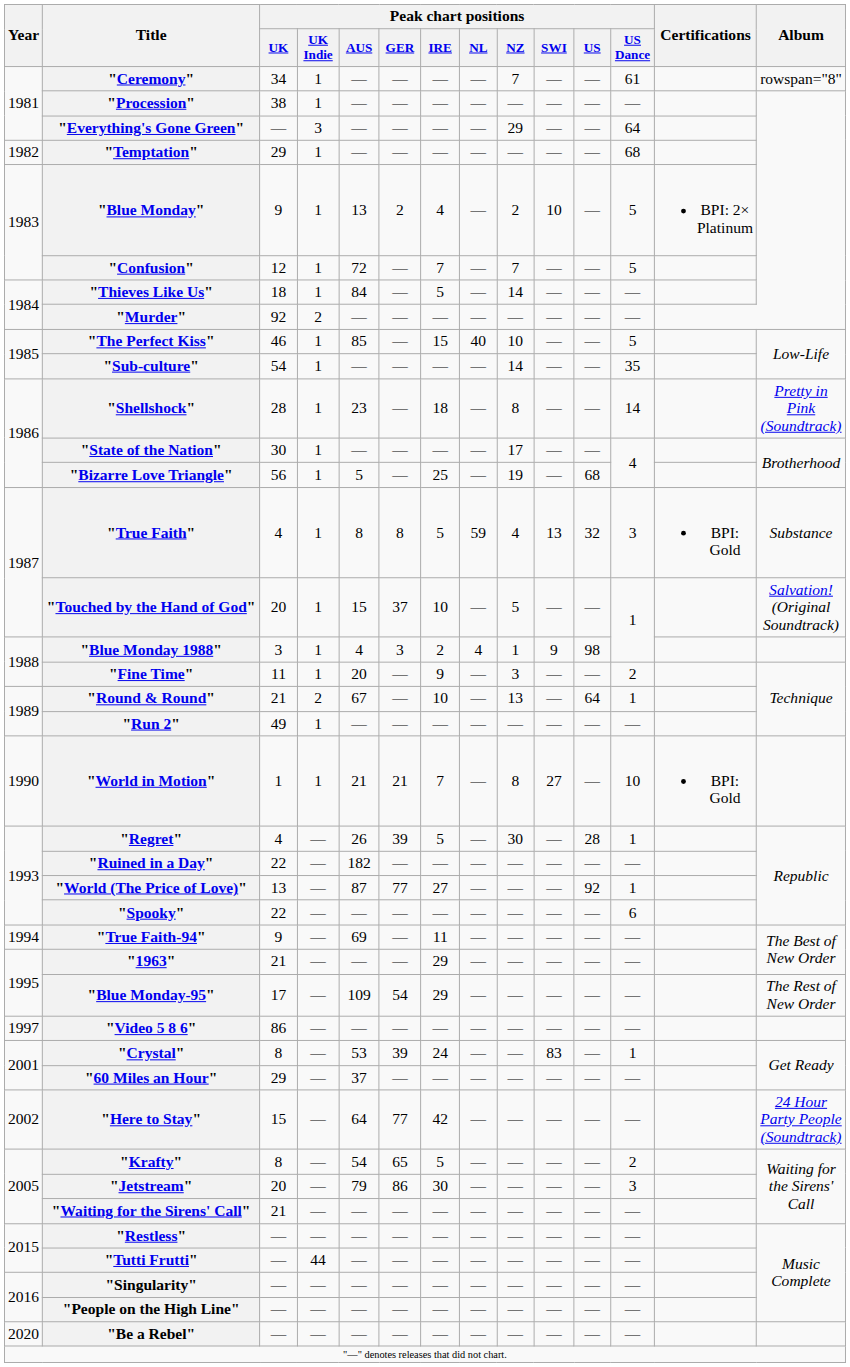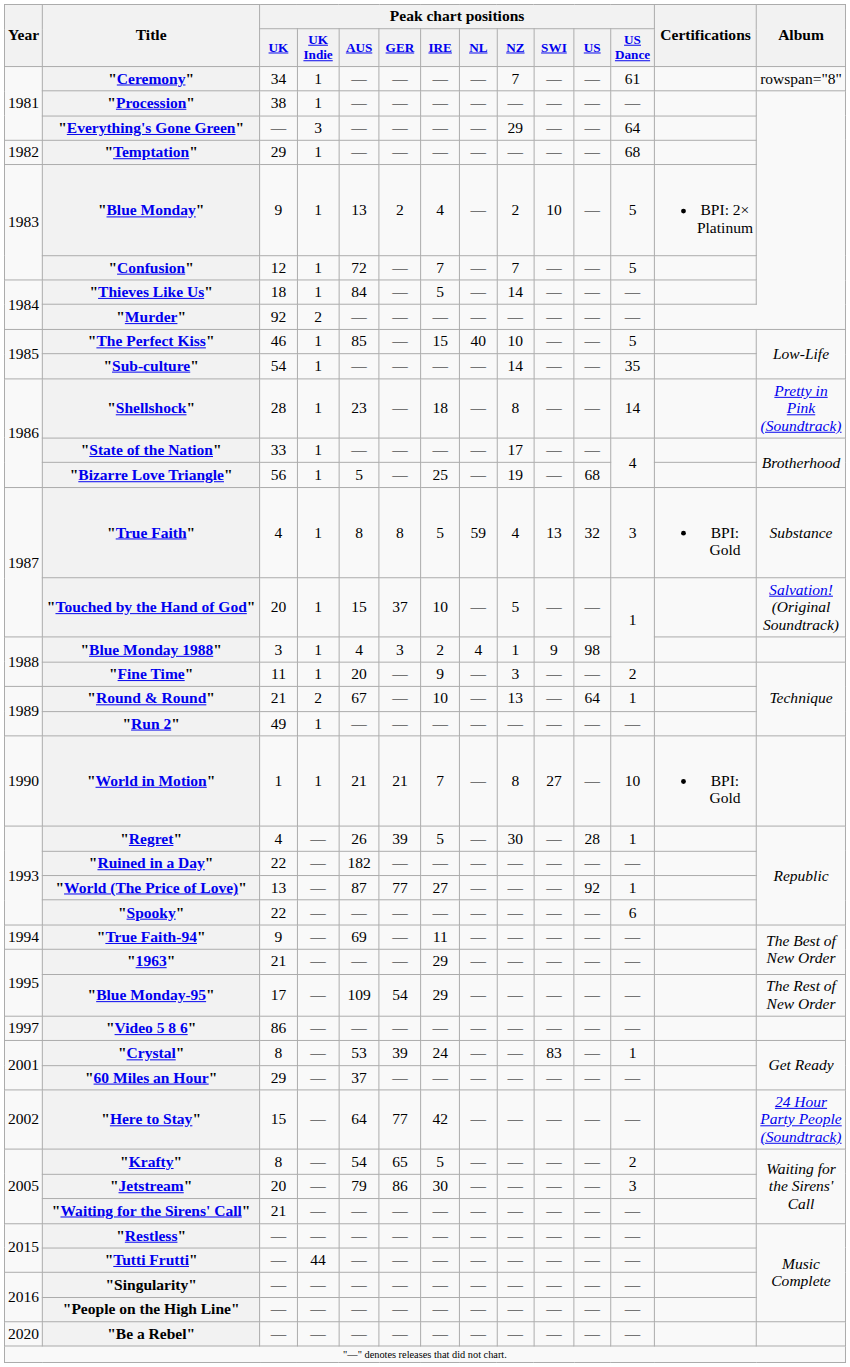 <table class="wikitable plainrowheaders" style=text-align:center;>
 <tr>
 <th scope="col" rowspan="2">Year</th>
 <th scope="col" rowspan="2" width="300">Title</th>
 <th colspan="10" scope="col">Peak chart positions</th>
 <th rowspan="2">Certifications</th>
 <th scope="col" rowspan="2">Album</th>
 </tr>
 <tr>
 <th style="width:3em;font-size:85%;"><a href='#'>UK</a><br></th>
 <th style="width:3em;font-size:85%;"><a href='#'>UK Indie</a><br></th>
 <th style="width:3em;font-size:85%;"><a href='#'>AUS</a><br></th>
 <th style="width:3em;font-size:85%;"><a href='#'>GER</a><br></th>
 <th style="width:3em;font-size:85%;"><a href='#'>IRE</a><br></th>
 <th style="width:3em;font-size:85%;"><a href='#'>NL</a><br></th>
 <th style="width:3em;font-size:85%;"><a href='#'>NZ</a><br></th>
 <th style="width:3em;font-size:85%;"><a href='#'>SWI</a><br></th>
 <th style="width:3em;font-size:85%;"><a href='#'>US</a><br></th>
 <th style="width:3em;font-size:85%;"><a href='#'>US<br>Dance</a><br></th>
 </tr>
 <tr>
 <td rowspan="3">1981</td>
 <th scope="row">"<a href='#'>Ceremony</a>"</th>
 <td>34</td>
 <td>1</td>
 <td>—</td>
 <td>—</td>
 <td>—</td>
 <td>—</td>
 <td>7</td>
 <td>—</td>
 <td>—</td>
 <td>61</td>
 <td></td>
 <td>rowspan="8" </td>
 </tr>
 <tr>
 <th scope="row">"<a href='#'>Procession</a>"</th>
 <td>38</td>
 <td>1</td>
 <td>—</td>
 <td>—</td>
 <td>—</td>
 <td>—</td>
 <td>—</td>
 <td>—</td>
 <td>—</td>
 <td>—</td>
 <td></td>
 </tr>
 <tr>
 <th scope="row">"<a href='#'>Everything's Gone Green</a>"</th>
 <td>—</td>
 <td>3</td>
 <td>—</td>
 <td>—</td>
 <td>—</td>
 <td>—</td>
 <td>29</td>
 <td>—</td>
 <td>—</td>
 <td>64</td>
 <td></td>
 </tr>
 <tr>
 <td>1982</td>
 <th scope="row">"<a href='#'>Temptation</a>"</th>
 <td>29</td>
 <td>1</td>
 <td>—</td>
 <td>—</td>
 <td>—</td>
 <td>—</td>
 <td>—</td>
 <td>—</td>
 <td>—</td>
 <td>68</td>
 <td></td>
 </tr>
 <tr>
 <td rowspan="2">1983</td>
 <th scope="row">"<a href='#'>Blue Monday</a>"</th>
 <td>9</td>
 <td>1</td>
 <td>13</td>
 <td>2</td>
 <td>4</td>
 <td>—</td>
 <td>2</td>
 <td>10</td>
 <td>—</td>
 <td>5</td>
 <td><br><ul><li>BPI: 2× Platinum</li></ul></td>
 </tr>
 <tr>
 <th scope="row">"<a href='#'>Confusion</a>"</th>
 <td>12</td>
 <td>1</td>
 <td>72</td>
 <td>—</td>
 <td>7</td>
 <td>—</td>
 <td>7</td>
 <td>—</td>
 <td>—</td>
 <td>5</td>
 <td></td>
 </tr>
 <tr>
 <td rowspan="2">1984</td>
 <th scope="row">"<a href='#'>Thieves Like Us</a>"</th>
 <td>18</td>
 <td>1</td>
 <td>84</td>
 <td>—</td>
 <td>5</td>
 <td>—</td>
 <td>14</td>
 <td>—</td>
 <td>—</td>
 <td>—</td>
 <td></td>
 </tr>
 <tr>
 <th scope="row">"<a href='#'>Murder</a>"</th>
 <td>92</td>
 <td>2</td>
 <td>—</td>
 <td>—</td>
 <td>—</td>
 <td>—</td>
 <td>—</td>
 <td>—</td>
 <td>—</td>
 <td>—</td>
 </tr>
 <tr>
 <td rowspan="2">1985</td>
 <th scope="row">"<a href='#'>The Perfect Kiss</a>"</th>
 <td>46</td>
 <td>1</td>
 <td>85</td>
 <td>—</td>
 <td>15</td>
 <td>40</td>
 <td>10</td>
 <td>—</td>
 <td>—</td>
 <td>5</td>
 <td></td>
 <td rowspan="2"><em>Low-Life</em></td>
 </tr>
 <tr>
 <th scope="row">"<a href='#'>Sub-culture</a>"</th>
 <td>54</td>
 <td>1</td>
 <td>—</td>
 <td>—</td>
 <td>—</td>
 <td>—</td>
 <td>14</td>
 <td>—</td>
 <td>—</td>
 <td>35</td>
 <td></td>
 </tr>
 <tr>
 <td rowspan="3">1986</td>
 <th scope="row">"<a href='#'>Shellshock</a>"</th>
 <td>28</td>
 <td>1</td>
 <td>23</td>
 <td>—</td>
 <td>18</td>
 <td>—</td>
 <td>8</td>
 <td>—</td>
 <td>—</td>
 <td>14</td>
 <td></td>
 <td><em><a href='#'>Pretty in Pink (Soundtrack)</a></em></td>
 </tr>
 <tr>
 <th scope="row">"<a href='#'>State of the Nation</a>"</th>
-<td>30</td>
+<td>33</td>
 <td>1</td>
 <td>—</td>
 <td>—</td>
 <td>—</td>
 <td>—</td>
 <td>17</td>
 <td>—</td>
 <td>—</td>
 <td rowspan="2">4<br></td>
 <td></td>
 <td rowspan="2"><em>Brotherhood</em></td>
 </tr>
 <tr>
 <th scope="row">"<a href='#'>Bizarre Love Triangle</a>"</th>
 <td>56</td>
 <td>1</td>
 <td>5</td>
 <td>—</td>
 <td>25</td>
 <td>—</td>
 <td>19</td>
 <td>—</td>
 <td>68</td>
 <td></td>
 </tr>
 <tr>
 <td rowspan="2">1987</td>
 <th scope="row">"<a href='#'>True Faith</a>"</th>
 <td>4</td>
 <td>1</td>
 <td>8</td>
 <td>8</td>
 <td>5</td>
 <td>59</td>
 <td>4</td>
 <td>13</td>
 <td>32</td>
 <td>3</td>
 <td><br><ul><li>BPI: Gold</li></ul></td>
 <td><em>Substance</em></td>
 </tr>
 <tr>
 <th scope="row">"<a href='#'>Touched by the Hand of God</a>"</th>
 <td>20</td>
 <td>1</td>
 <td>15</td>
 <td>37</td>
 <td>10</td>
 <td>—</td>
 <td>5</td>
 <td>—</td>
 <td>—</td>
 <td rowspan="2">1<br></td>
 <td></td>
 <td><em><a href='#'>Salvation!</a> (Original Soundtrack)</em></td>
 </tr>
 <tr>
 <td rowspan="2">1988</td>
 <th scope="row">"<a href='#'>Blue Monday 1988</a>"</th>
 <td>3</td>
 <td>1</td>
 <td>4</td>
 <td>3</td>
 <td>2</td>
 <td>4</td>
 <td>1</td>
 <td>9</td>
 <td>98<br></td>
 <td></td>
 <td></td>
 </tr>
 <tr>
 <th scope="row">"<a href='#'>Fine Time</a>"</th>
 <td>11</td>
 <td>1</td>
 <td>20</td>
 <td>—</td>
 <td>9</td>
 <td>—</td>
 <td>3</td>
 <td>—</td>
 <td>—</td>
 <td>2</td>
 <td></td>
 <td rowspan="3"><em>Technique</em></td>
 </tr>
 <tr>
 <td rowspan="2">1989</td>
 <th scope="row">"<a href='#'>Round & Round</a>"</th>
 <td>21</td>
 <td>2</td>
 <td>67</td>
 <td>—</td>
 <td>10</td>
 <td>—</td>
 <td>13</td>
 <td>—</td>
 <td>64</td>
 <td>1</td>
 <td></td>
 </tr>
 <tr>
 <th scope="row">"<a href='#'>Run 2</a>"</th>
 <td>49</td>
 <td>1</td>
 <td>—</td>
 <td>—</td>
 <td>—</td>
 <td>—</td>
 <td>—</td>
 <td>—</td>
 <td>—</td>
 <td>—</td>
 <td></td>
 </tr>
 <tr>
 <td>1990</td>
 <th scope="row">"<a href='#'>World in Motion</a>"</th>
 <td>1</td>
 <td>1</td>
 <td>21</td>
 <td>21</td>
 <td>7</td>
 <td>—</td>
 <td>8</td>
 <td>27</td>
 <td>—</td>
 <td>10</td>
 <td><br><ul><li>BPI: Gold</li></ul></td>
 <td></td>
 </tr>
 <tr>
 <td rowspan="4">1993</td>
 <th scope="row">"<a href='#'>Regret</a>"</th>
 <td>4</td>
 <td>—</td>
 <td>26</td>
 <td>39</td>
 <td>5</td>
 <td>—</td>
 <td>30</td>
 <td>—</td>
 <td>28</td>
 <td>1</td>
 <td></td>
 <td rowspan="4"><em>Republic</em></td>
 </tr>
 <tr>
 <th scope="row">"<a href='#'>Ruined in a Day</a>"</th>
 <td>22</td>
 <td>—</td>
 <td>182</td>
 <td>—</td>
 <td>—</td>
 <td>—</td>
 <td>—</td>
 <td>—</td>
 <td>—</td>
 <td>—</td>
 <td></td>
 </tr>
 <tr>
 <th scope="row">"<a href='#'>World (The Price of Love)</a>"</th>
 <td>13</td>
 <td>—</td>
 <td>87</td>
 <td>77</td>
 <td>27</td>
 <td>—</td>
 <td>—</td>
 <td>—</td>
 <td>92</td>
 <td>1</td>
 <td></td>
 </tr>
 <tr>
 <th scope="row">"<a href='#'>Spooky</a>"</th>
 <td>22</td>
 <td>—</td>
 <td>—</td>
 <td>—</td>
 <td>—</td>
 <td>—</td>
 <td>—</td>
 <td>—</td>
 <td>—</td>
 <td>6</td>
 <td></td>
 </tr>
 <tr>
 <td>1994</td>
 <th scope="row">"<a href='#'>True Faith-94</a>"</th>
 <td>9</td>
 <td>—</td>
 <td>69</td>
 <td>—</td>
 <td>11</td>
 <td>—</td>
 <td>—</td>
 <td>—</td>
 <td>—</td>
 <td>—</td>
 <td></td>
 <td rowspan="2"><em>The Best of New Order</em></td>
 </tr>
 <tr>
 <td rowspan="2">1995</td>
 <th scope="row">"<a href='#'>1963</a>"</th>
 <td>21</td>
 <td>—</td>
 <td>—</td>
 <td>—</td>
 <td>29</td>
 <td>—</td>
 <td>—</td>
 <td>—</td>
 <td>—</td>
 <td>—</td>
 <td></td>
 </tr>
 <tr>
 <th scope="row">"<a href='#'>Blue Monday-95</a>"</th>
 <td>17</td>
 <td>—</td>
 <td>109</td>
 <td>54</td>
 <td>29</td>
 <td>—</td>
 <td>—</td>
 <td>—</td>
 <td>—</td>
 <td>—</td>
 <td></td>
 <td><em>The Rest of New Order</em></td>
 </tr>
 <tr>
 <td>1997</td>
 <th scope="row">"<a href='#'>Video 5 8 6</a>"</th>
 <td>86</td>
 <td>—</td>
 <td>—</td>
 <td>—</td>
 <td>—</td>
 <td>—</td>
 <td>—</td>
 <td>—</td>
 <td>—</td>
 <td>—</td>
 <td></td>
 <td></td>
 </tr>
 <tr>
 <td rowspan="2">2001</td>
 <th scope="row">"<a href='#'>Crystal</a>"</th>
 <td>8</td>
 <td>—</td>
 <td>53</td>
 <td>39</td>
 <td>24</td>
 <td>—</td>
 <td>—</td>
 <td>83</td>
 <td>—</td>
 <td>1</td>
 <td></td>
 <td rowspan="2"><em>Get Ready</em></td>
 </tr>
 <tr>
 <th scope="row">"<a href='#'>60 Miles an Hour</a>"</th>
 <td>29</td>
 <td>—</td>
 <td>37</td>
 <td>—</td>
 <td>—</td>
 <td>—</td>
 <td>—</td>
 <td>—</td>
 <td>—</td>
 <td>—</td>
 <td></td>
 </tr>
 <tr>
 <td>2002</td>
 <th scope="row">"<a href='#'>Here to Stay</a>"</th>
 <td>15</td>
 <td>—</td>
 <td>64</td>
 <td>77</td>
 <td>42</td>
 <td>—</td>
 <td>—</td>
 <td>—</td>
 <td>—</td>
 <td>—</td>
 <td></td>
 <td><em><a href='#'>24 Hour Party People (Soundtrack)</a></em></td>
 </tr>
 <tr>
 <td rowspan="3">2005</td>
 <th scope="row">"<a href='#'>Krafty</a>"</th>
 <td>8</td>
 <td>—</td>
 <td>54</td>
 <td>65</td>
 <td>5</td>
 <td>—</td>
 <td>—</td>
 <td>—</td>
 <td>—</td>
 <td>2</td>
 <td></td>
 <td rowspan="3"><em>Waiting for the Sirens' Call</em></td>
 </tr>
 <tr>
 <th scope="row">"<a href='#'>Jetstream</a>"</th>
 <td>20</td>
 <td>—</td>
 <td>79</td>
 <td>86</td>
 <td>30</td>
 <td>—</td>
 <td>—</td>
 <td>—</td>
 <td>—</td>
 <td>3</td>
 <td></td>
 </tr>
 <tr>
 <th scope="row">"<a href='#'>Waiting for the Sirens' Call</a>"</th>
 <td>21</td>
 <td>—</td>
 <td>—</td>
 <td>—</td>
 <td>—</td>
 <td>—</td>
 <td>—</td>
 <td>—</td>
 <td>—</td>
 <td>—</td>
 <td></td>
 </tr>
 <tr>
 <td rowspan="2">2015</td>
 <th scope="row">"<a href='#'>Restless</a>"</th>
 <td>—</td>
 <td>—</td>
 <td>—</td>
 <td>—</td>
 <td>—</td>
 <td>—</td>
 <td>—</td>
 <td>—</td>
 <td>—</td>
 <td>—</td>
 <td></td>
 <td rowspan="4"><em>Music Complete</em></td>
 </tr>
 <tr>
 <th scope="row">"<a href='#'>Tutti Frutti</a>"</th>
 <td>—</td>
 <td>44</td>
 <td>—</td>
 <td>—</td>
 <td>—</td>
 <td>—</td>
 <td>—</td>
 <td>—</td>
 <td>—</td>
 <td>—</td>
 <td></td>
 </tr>
 <tr>
 <td rowspan="2">2016</td>
 <th scope="row">"Singularity"</th>
 <td>—</td>
 <td>—</td>
 <td>—</td>
 <td>—</td>
 <td>—</td>
 <td>—</td>
 <td>—</td>
 <td>—</td>
 <td>—</td>
 <td>—</td>
 <td></td>
 </tr>
 <tr>
 <th scope="row">"People on the High Line"</th>
 <td>—</td>
 <td>—</td>
 <td>—</td>
 <td>—</td>
 <td>—</td>
 <td>—</td>
 <td>—</td>
 <td>—</td>
 <td>—</td>
 <td>—</td>
 <td></td>
 </tr>
 <tr>
 <td>2020</td>
 <th scope="row">"Be a Rebel"</th>
 <td>—</td>
 <td>—</td>
 <td>—</td>
 <td>—</td>
 <td>—</td>
 <td>—</td>
 <td>—</td>
 <td>—</td>
 <td>—</td>
 <td>—</td>
 <td></td>
 <td></td>
 </tr>
 <tr>
 <td colspan="14" style="font-size: 8pt" align="center">"—" denotes releases that did not chart.</td>
 </tr>
 </table>
